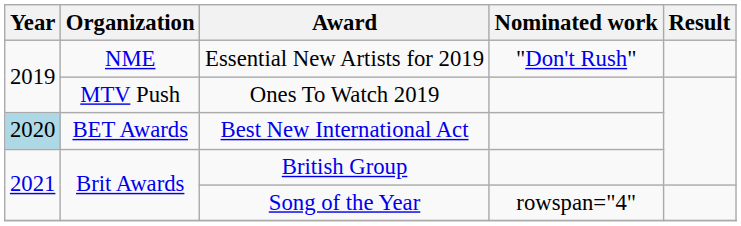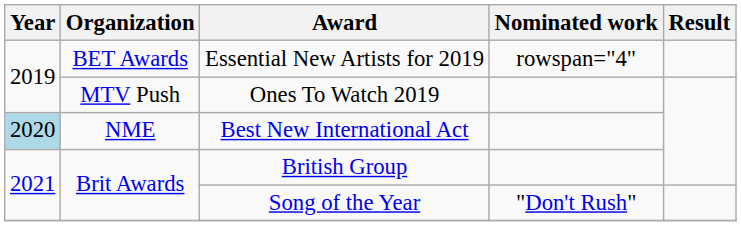 <table class="wikitable plainrowheaders" style="text-align:center;">
 <tr>
 <th>Year</th>
 <th>Organization</th>
 <th>Award</th>
 <th>Nominated work</th>
 <th>Result</th>
 </tr>
 <tr>
 <td rowspan="2">2019</td>
-<td><a href='#'>NME</a></td>
+<td><a href='#'>BET Awards</a></td>
 <td>Essential New Artists for 2019</td>
-<td>"<a href='#'>Don't Rush</a>"</td>
+<td>rowspan="4" </td>
 <td></td>
 </tr>
 <tr>
 <td><a href='#'>MTV</a> Push</td>
 <td>Ones To Watch 2019</td>
 <td></td>
 </tr>
 <tr>
 <td style="background: lightblue;">2020</td>
-<td><a href='#'>BET Awards</a></td>
+<td><a href='#'>NME</a></td>
 <td><a href='#'>Best New International Act</a></td>
 <td></td>
 </tr>
 <tr>
 <td rowspan="2"><a href='#'>2021</a></td>
 <td rowspan="2"><a href='#'>Brit Awards</a></td>
 <td><a href='#'>British Group</a></td>
 <td></td>
 </tr>
 <tr>
 <td><a href='#'>Song of the Year</a></td>
-<td>rowspan="4" </td>
+<td>"<a href='#'>Don't Rush</a>"</td>
 <td></td>
 </tr>
 <tr>
 </tr>
 </table>
